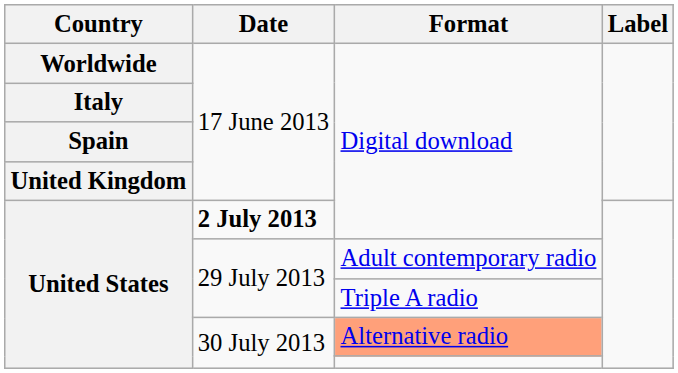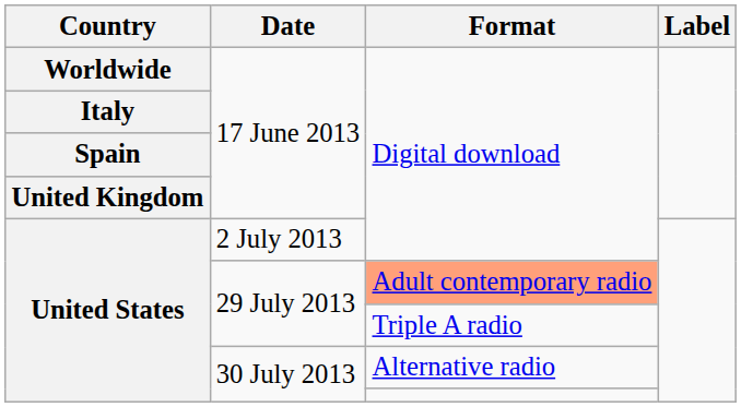 <table class="wikitable plainrowheaders">
 <tr>
 <th scope="col">Country</th>
 <th scope="col">Date</th>
 <th scope="col">Format</th>
 <th scope="col">Label</th>
 </tr>
 <tr>
 <th scope="row">Worldwide</th>
 <td rowspan="4">17 June 2013</td>
 <td rowspan="5"><a href='#'>Digital download</a></td>
 <td rowspan="4"></td>
 </tr>
 <tr>
 <th scope="row">Italy</th>
 </tr>
 <tr>
 <th scope="row">Spain</th>
 </tr>
 <tr>
 <th scope="row">United Kingdom</th>
 </tr>
 <tr>
 <th scope="row" rowspan="5">United States</th>
-<td><strong>2 July 2013</strong></td>
+<td>2 July 2013</td>
 <td rowspan="5"></td>
 </tr>
 <tr>
 <td rowspan="2">29 July 2013</td>
-<td><a href='#'>Adult contemporary radio</a></td>
+<td style="background: lightsalmon;"><a href='#'>Adult contemporary radio</a></td>
 </tr>
 <tr>
 <td><a href='#'>Triple A radio</a></td>
 </tr>
 <tr>
 <td rowspan="2">30 July 2013</td>
-<td style="background: lightsalmon;"><a href='#'>Alternative radio</a></td>
+<td><a href='#'>Alternative radio</a></td>
 </tr>
 <tr>
 <td></td>
 </tr>
 </table>
